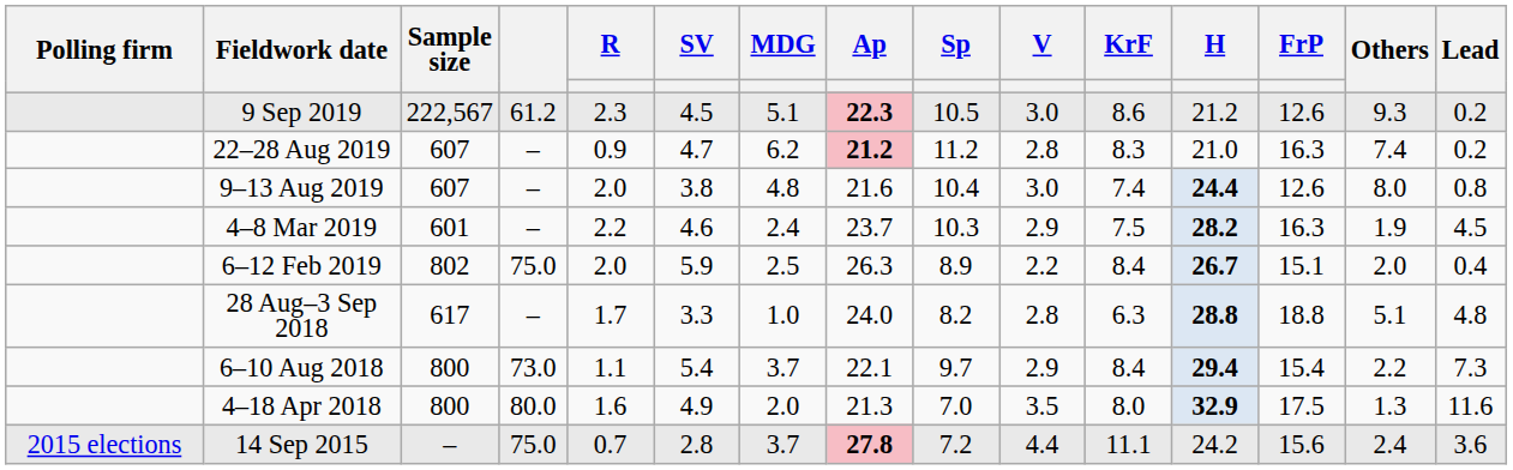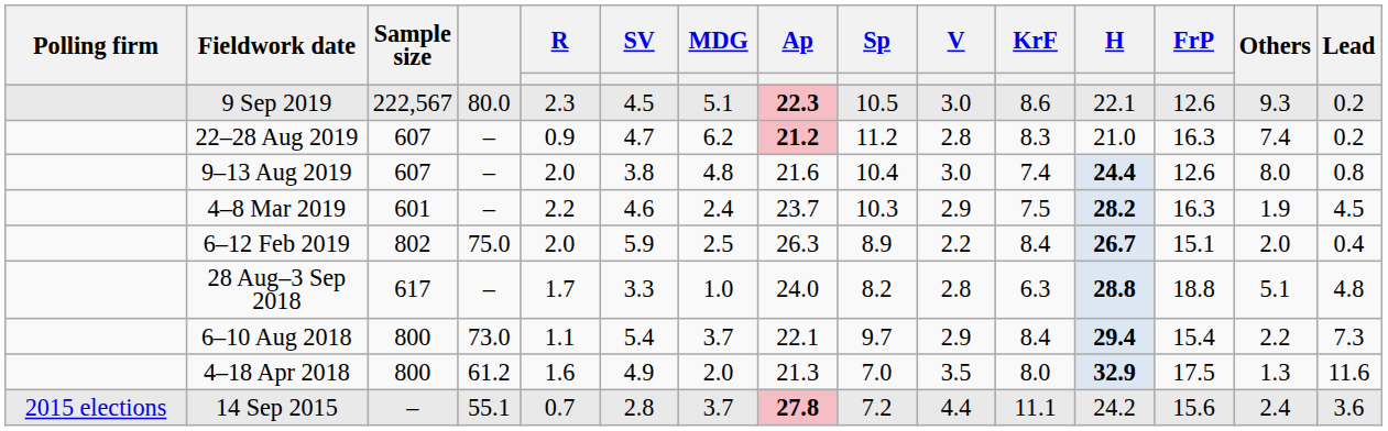 <table class="wikitable sortable" style="text-align:center;font-size:90%;line-height:14px;">
 <tr style="height:40px;">
 <th style="width:100px;" rowspan="2">Polling firm</th>
 <th style="width:100px;" rowspan="2">Fieldwork date</th>
 <th style="width:35px;" rowspan="2">Sample<br>size</th>
 <th style="width:30px;" rowspan="2"></th>
 <th class="unsortable" style="width:40px;"><a href='#'>R</a></th>
 <th class="unsortable" style="width:40px;"><a href='#'>SV</a></th>
 <th class="unsortable" style="width:40px;"><a href='#'>MDG</a></th>
 <th class="unsortable" style="width:40px;"><a href='#'>Ap</a></th>
 <th class="unsortable" style="width:40px;"><a href='#'>Sp</a></th>
 <th class="unsortable" style="width:40px;"><a href='#'>V</a></th>
 <th class="unsortable" style="width:40px;"><a href='#'>KrF</a></th>
 <th class="unsortable" style="width:40px;"><a href='#'>H</a></th>
 <th class="unsortable" style="width:40px;"><a href='#'>FrP</a></th>
 <th class="unsortable" style="width:30px;" rowspan="2">Others</th>
 <th style="width:30px;" rowspan="2">Lead</th>
 </tr>
 <tr>
 <th style="background:"></th>
 <th style="background:"></th>
 <th style="background:"></th>
 <th style="background:"></th>
 <th style="background:"></th>
 <th style="background:"></th>
 <th style="background:"></th>
 <th style="background:"></th>
 <th style="background:"></th>
 </tr>
 <tr style="background:#E9E9E9;">
 <td></td>
 <td data-sort-value="2019-09-09">9 Sep 2019</td>
 <td>222,567</td>
-<td>61.2</td>
+<td>80.0</td>
 <td>2.3</td>
 <td>4.5</td>
 <td>5.1</td>
 <td style="background:#F7BDC5;"><strong>22.3</strong></td>
 <td>10.5</td>
 <td>3.0</td>
 <td>8.6</td>
-<td>21.2</td>
+<td>22.1</td>
 <td>12.6</td>
 <td>9.3</td>
 <td style="background:">0.2</td>
 </tr>
 <tr>
 <td></td>
 <td data-sort-value="2019-08-30">22–28 Aug 2019</td>
 <td>607</td>
 <td>–</td>
 <td>0.9</td>
 <td>4.7</td>
 <td>6.2</td>
 <td style="background:#F7BDC5;"><strong>21.2</strong></td>
 <td>11.2</td>
 <td>2.8</td>
 <td>8.3</td>
 <td>21.0</td>
 <td>16.3</td>
 <td>7.4</td>
 <td style="background:">0.2</td>
 </tr>
 <tr>
 <td></td>
 <td data-sort-value="2019-08-20">9–13 Aug 2019</td>
 <td>607</td>
 <td>–</td>
 <td>2.0</td>
 <td>3.8</td>
 <td>4.8</td>
 <td>21.6</td>
 <td>10.4</td>
 <td>3.0</td>
 <td>7.4</td>
 <td style="background:#DCE7F3;"><strong>24.4</strong></td>
 <td>12.6</td>
 <td>8.0</td>
 <td style="background:">0.8</td>
 </tr>
 <tr>
 <td></td>
 <td data-sort-value="2019-03-08">4–8 Mar 2019</td>
 <td>601</td>
 <td>–</td>
 <td>2.2</td>
 <td>4.6</td>
 <td>2.4</td>
 <td>23.7</td>
 <td>10.3</td>
 <td>2.9</td>
 <td>7.5</td>
 <td style="background:#DCE7F3;"><strong>28.2</strong></td>
 <td>16.3</td>
 <td>1.9</td>
 <td style="background:">4.5</td>
 </tr>
 <tr>
 <td></td>
 <td data-sort-value="2019-02-12">6–12 Feb 2019</td>
 <td>802</td>
 <td>75.0</td>
 <td>2.0</td>
 <td>5.9</td>
 <td>2.5</td>
 <td>26.3</td>
 <td>8.9</td>
 <td>2.2</td>
 <td>8.4</td>
 <td style="background:#DCE7F3;"><strong>26.7</strong></td>
 <td>15.1</td>
 <td>2.0</td>
 <td style="background:">0.4</td>
 </tr>
 <tr>
 <td></td>
 <td data-sort-value="2018-09-03">28 Aug–3 Sep 2018</td>
 <td>617</td>
 <td>–</td>
 <td>1.7</td>
 <td>3.3</td>
 <td>1.0</td>
 <td>24.0</td>
 <td>8.2</td>
 <td>2.8</td>
 <td>6.3</td>
 <td style="background:#DCE7F3;"><strong>28.8</strong></td>
 <td>18.8</td>
 <td>5.1</td>
 <td style="background:">4.8</td>
 </tr>
 <tr>
 <td></td>
 <td data-sort-value="2018-08-10">6–10 Aug 2018</td>
 <td>800</td>
 <td>73.0</td>
 <td>1.1</td>
 <td>5.4</td>
 <td>3.7</td>
 <td>22.1</td>
 <td>9.7</td>
 <td>2.9</td>
 <td>8.4</td>
 <td style="background:#DCE7F3;"><strong>29.4</strong></td>
 <td>15.4</td>
 <td>2.2</td>
 <td style="background:">7.3</td>
 </tr>
 <tr>
 <td></td>
 <td data-sort-value="2018-04-18">4–18 Apr 2018</td>
 <td>800</td>
-<td>80.0</td>
+<td>61.2</td>
 <td>1.6</td>
 <td>4.9</td>
 <td>2.0</td>
 <td>21.3</td>
 <td>7.0</td>
 <td>3.5</td>
 <td>8.0</td>
 <td style="background:#DCE7F3;"><strong>32.9</strong></td>
 <td>17.5</td>
 <td>1.3</td>
 <td style="background:">11.6</td>
 </tr>
 <tr style="background:#E9E9E9;">
 <td><a href='#'>2015 elections</a></td>
 <td data-sort-value="2015-09-14">14 Sep 2015</td>
 <td>–</td>
-<td>75.0</td>
+<td>55.1</td>
 <td>0.7</td>
 <td>2.8</td>
 <td>3.7</td>
 <td style="background:#F7BDC5;"><strong>27.8</strong></td>
 <td>7.2</td>
 <td>4.4</td>
 <td>11.1</td>
 <td>24.2</td>
 <td>15.6</td>
 <td>2.4</td>
 <td style="background:">3.6</td>
 </tr>
 </table>
